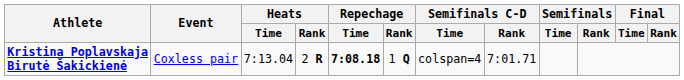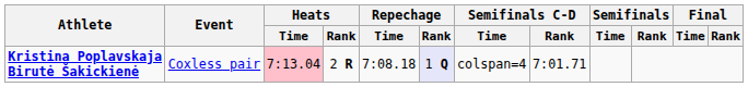 <table class="wikitable" style="font-size:90%">
 <tr>
 <th rowspan="2">Athlete</th>
 <th rowspan="2">Event</th>
 <th colspan="2">Heats</th>
 <th colspan="2">Repechage</th>
 <th colspan="2">Semifinals C-D</th>
 <th colspan="2">Semifinals</th>
 <th colspan="2">Final</th>
 </tr>
 <tr style="font-size:95%">
 <th>Time</th>
 <th>Rank</th>
 <th>Time</th>
 <th>Rank</th>
 <th>Time</th>
 <th>Rank</th>
 <th>Time</th>
 <th>Rank</th>
 <th>Time</th>
 <th>Rank</th>
 </tr>
 <tr align=center>
 <td align=left><strong><a href='#'>Kristina Poplavskaja</a><br><a href='#'>Birutė Šakickienė</a></strong></td>
 <td align=left><a href='#'>Coxless pair</a></td>
-<td>7:13.04</td>
+<td style="background: pink;">7:13.04</td>
 <td>2 <strong>R</strong></td>
-<td><strong>7:08.18</strong></td>
-<td>1 <strong>Q</strong></td>
+<td>7:08.18</td>
+<td style="background: lavender;">1 <strong>Q</strong></td>
 <td>colspan=4 </td>
 <td>7:01.71</td>
 <td></td>
 </tr>
 </table>
